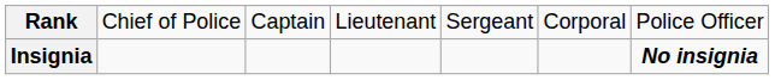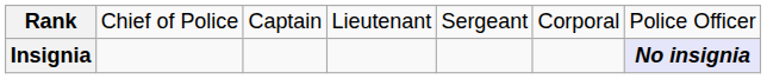 <table class="wikitable">
 <tr style="text-align:center;">
 <th>Rank</th>
 <td>Chief of Police</td>
 <td>Captain</td>
 <td>Lieutenant</td>
 <td>Sergeant</td>
 <td>Corporal</td>
 <td>Police Officer</td>
 </tr>
 <tr style="text-align:center;">
 <th>Insignia</th>
 <td></td>
 <td></td>
 <td></td>
 <td></td>
 <td></td>
-<td><strong><em>No insignia</em></strong></td>
+<td style="background: lavender;"><strong><em>No insignia</em></strong></td>
 </tr>
 </table>
